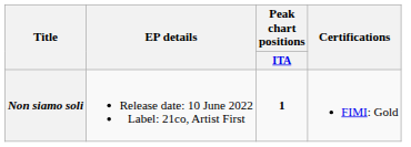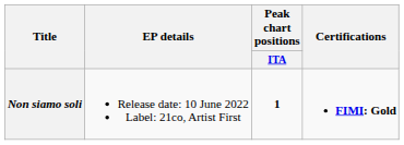 <table class="wikitable plainrowheaders" style="text-align:center;">
 <tr>
 <th scope="col" rowspan="2">Title</th>
 <th scope="col" rowspan="2">EP details</th>
 <th scope="col" colspan="1">Peak chart positions</th>
 <th scope="col" rowspan="2">Certifications</th>
 </tr>
 <tr>
 <th scope="col" style="width:3em;font-size:90%;"><a href='#'>ITA</a><br></th>
 </tr>
 <tr>
 <th scope="row"><em>Non siamo soli</em></th>
 <td><br><ul><li>Release date: 10 June 2022</li><li>Label: 21co, Artist First</li></ul></td>
 <td><strong>1</strong></td>
-<td><br><ul><li><a href='#'>FIMI</a>: Gold</li></ul></td>
+<td><strong><br><ul><li><a href='#'>FIMI</a>: Gold</li></ul></strong></td>
 </tr>
 </table>
